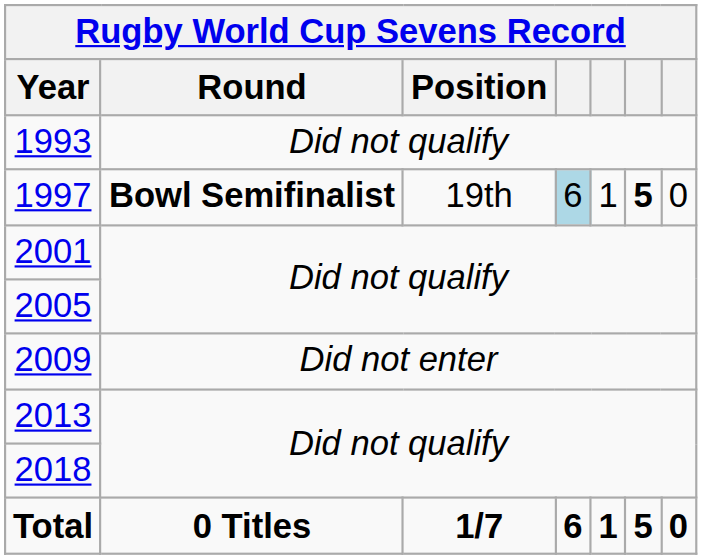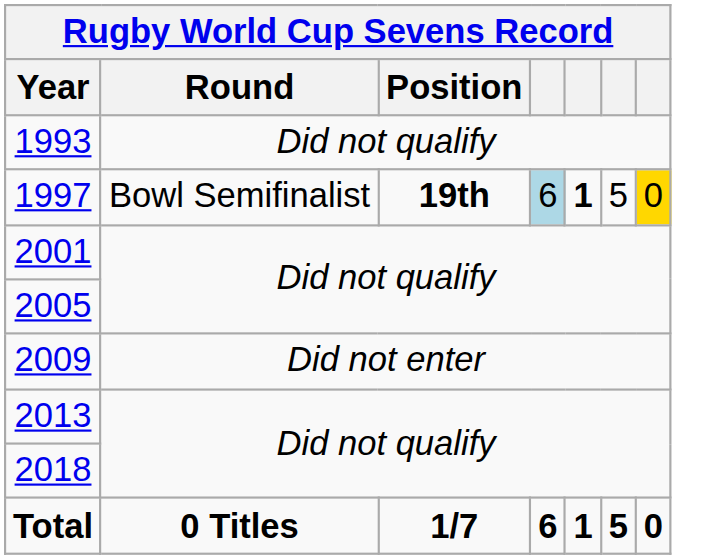 <table class="wikitable" style="text-align: center;">
 <tr>
 <th colspan=10><a href='#'>Rugby World Cup Sevens Record</a></th>
 </tr>
 <tr>
 <th>Year</th>
 <th>Round</th>
 <th>Position</th>
 <th></th>
 <th></th>
 <th></th>
 <th></th>
 </tr>
 <tr>
 <td> <a href='#'>1993</a></td>
 <td colspan=6><em>Did not qualify</em></td>
 </tr>
 <tr>
 <td> <a href='#'>1997</a></td>
-<td><strong>Bowl Semifinalist</strong></td>
-<td>19th</td>
+<td>Bowl Semifinalist</td>
+<td><strong>19th</strong></td>
 <td style="background: lightblue;">6</td>
-<td>1</td>
-<td><strong>5</strong></td>
-<td>0</td>
+<td><strong>1</strong></td>
+<td>5</td>
+<td style="background: gold;">0</td>
 </tr>
 <tr>
 <td> <a href='#'>2001</a></td>
 <td rowspan=2 colspan=6><em>Did not qualify</em></td>
 </tr>
 <tr>
 <td> <a href='#'>2005</a></td>
 </tr>
 <tr>
 <td> <a href='#'>2009</a></td>
 <td colspan=6><em>Did not enter</em></td>
 </tr>
 <tr>
 <td> <a href='#'>2013</a></td>
 <td rowspan=2 colspan=6><em>Did not qualify</em></td>
 </tr>
 <tr>
 <td> <a href='#'>2018</a></td>
 </tr>
 <tr>
 <td colspan=1><strong>Total</strong></td>
 <td><strong>0 Titles</strong></td>
 <td><strong>1/7</strong></td>
 <td><strong>6</strong></td>
 <td><strong>1</strong></td>
 <td><strong>5</strong></td>
 <td><strong>0</strong></td>
 </tr>
 </table>
